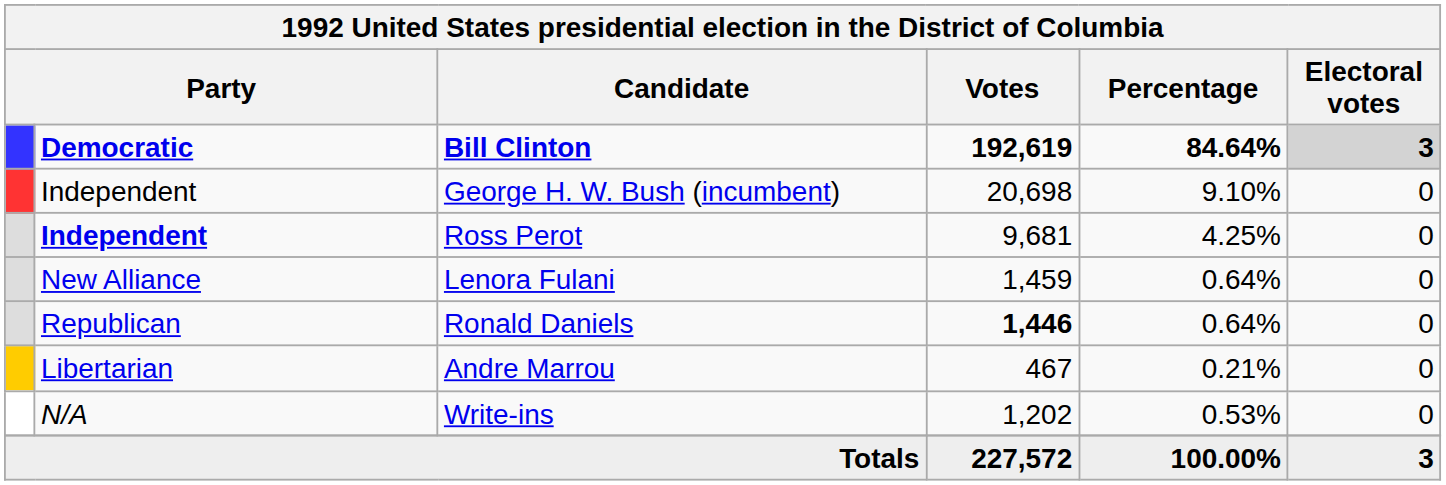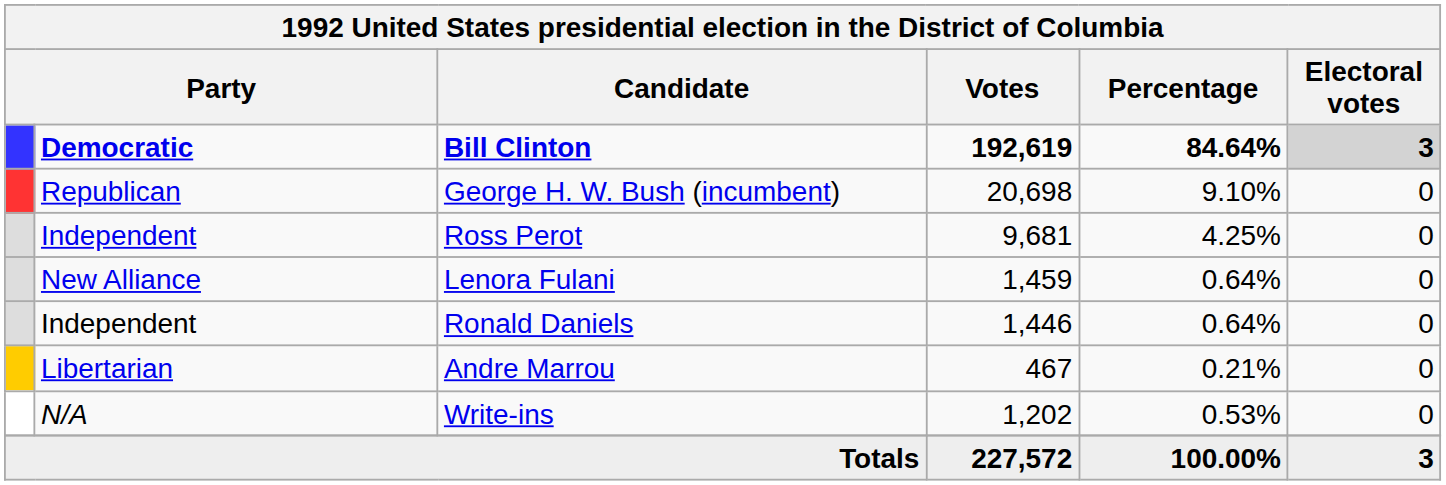 <table class="wikitable" style="font-size: 95%;">
 <tr>
 <th colspan="6">1992 United States presidential election in the District of Columbia</th>
 </tr>
 <tr>
 <th colspan="2" style="width: 15em">Party</th>
 <th style="width: 17em">Candidate</th>
 <th style="width: 5em">Votes</th>
 <th style="width: 7em">Percentage</th>
 <th style="width: 5em">Electoral votes</th>
 </tr>
 <tr>
 <th style="background-color:#3333FF; width: 3px"></th>
 <td style="width: 130px"><strong><a href='#'>Democratic</a></strong></td>
 <td><strong><a href='#'>Bill Clinton</a></strong></td>
 <td align="right"><strong>192,619</strong></td>
 <td align="right"><strong>84.64%</strong></td>
 <td align="right" style="background: lightgrey;"><strong>3</strong></td>
 </tr>
 <tr>
 <th style="background-color:#FF3333; width: 3px"></th>
-<td style="width: 130px">Independent</td>
+<td style="width: 130px"><a href='#'>Republican</a></td>
 <td><a href='#'>George H. W. Bush</a> (<a href='#'>incumbent</a>)</td>
 <td align="right">20,698</td>
 <td align="right">9.10%</td>
 <td align="right">0</td>
 </tr>
 <tr>
 <th style="background-color:#DDDDDD; width: 3px"></th>
-<td style="width: 130px"><strong><a href='#'>Independent</a></strong></td>
+<td style="width: 130px"><a href='#'>Independent</a></td>
 <td><a href='#'>Ross Perot</a></td>
 <td align="right">9,681</td>
 <td align="right">4.25%</td>
 <td align="right">0</td>
 </tr>
 <tr>
 <th style="background-color:#DDDDDD; width: 3px"></th>
 <td style="width: 130px"><a href='#'>New Alliance</a></td>
 <td><a href='#'>Lenora Fulani</a></td>
 <td align="right">1,459</td>
 <td align="right">0.64%</td>
 <td align="right">0</td>
 </tr>
 <tr>
 <th style="background-color:#DDDDDD; width: 3px"></th>
-<td style="width: 130px"><a href='#'>Republican</a></td>
+<td style="width: 130px">Independent</td>
 <td><a href='#'>Ronald Daniels</a></td>
-<td align="right"><strong>1,446</strong></td>
+<td align="right">1,446</td>
 <td align="right">0.64%</td>
 <td align="right">0</td>
 </tr>
 <tr>
 <th style="background-color:#FFCC00; width: 3px"></th>
 <td style="width: 130px"><a href='#'>Libertarian</a></td>
 <td><a href='#'>Andre Marrou</a></td>
 <td align="right">467</td>
 <td align="right">0.21%</td>
 <td align="right">0</td>
 </tr>
 <tr>
 <th style="background-color:#FFFFFF; width: 3px"></th>
 <td style="width: 130px"><em>N/A</em></td>
 <td><a href='#'>Write-ins</a></td>
 <td align="right">1,202</td>
 <td align="right">0.53%</td>
 <td align="right">0</td>
 </tr>
 <tr>
 </tr>
 <tr bgcolor="#EEEEEE">
 <td colspan="3" align="right"><strong>Totals</strong></td>
 <td align="right"><strong>227,572</strong></td>
 <td align="right"><strong>100.00%</strong></td>
 <td align="right"><strong>3</strong></td>
 </tr>
 </table>
